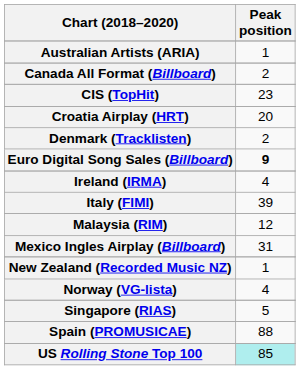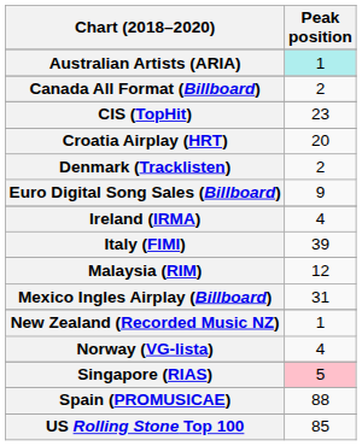 <table class="wikitable sortable plainrowheaders" style="text-align:center">
 <tr>
 <th scope="col">Chart (2018–2020)</th>
 <th scope="col">Peak<br> position</th>
 </tr>
 <tr>
 </tr>
 <tr>
 <th scope="row">Australian Artists (ARIA)</th>
-<td>1</td>
+<td style="background: paleturquoise;">1</td>
 </tr>
 <tr>
 </tr>
 <tr>
 </tr>
 <tr>
 </tr>
 <tr>
 </tr>
 <tr>
 <th scope="row">Canada All Format  (<em><a href='#'>Billboard</a></em>)</th>
 <td>2</td>
 </tr>
 <tr>
 </tr>
 <tr>
 </tr>
 <tr>
 <th scope="row">CIS (<a href='#'>TopHit</a>)</th>
 <td>23</td>
 </tr>
 <tr>
 </tr>
 <tr>
 </tr>
 <tr>
 <th scope="row">Croatia Airplay (<a href='#'>HRT</a>)</th>
 <td>20</td>
 </tr>
 <tr>
 <th scope="row">Denmark (<a href='#'>Tracklisten</a>)</th>
 <td>2</td>
 </tr>
 <tr>
 <th scope="row">Euro Digital Song Sales  (<em><a href='#'>Billboard</a></em>)</th>
-<td><strong>9</strong></td>
+<td>9</td>
 </tr>
 <tr>
 </tr>
 <tr>
 </tr>
 <tr>
 </tr>
 <tr>
 </tr>
 <tr>
 </tr>
 <tr>
 <th scope="row">Ireland (<a href='#'>IRMA</a>)</th>
 <td>4</td>
 </tr>
 <tr>
 <th scope="row">Italy (<a href='#'>FIMI</a>)</th>
 <td>39</td>
 </tr>
 <tr>
 </tr>
 <tr>
 <th scope="row">Malaysia (<a href='#'>RIM</a>)</th>
 <td>12</td>
 </tr>
 <tr>
 <th scope="row">Mexico Ingles Airplay  (<em><a href='#'>Billboard</a></em>)</th>
 <td>31</td>
 </tr>
 <tr>
 </tr>
 <tr>
 </tr>
 <tr>
 <th scope="row">New Zealand (<a href='#'>Recorded Music NZ</a>)</th>
 <td>1</td>
 </tr>
 <tr>
 <th scope="row">Norway (<a href='#'>VG-lista</a>)</th>
 <td>4</td>
 </tr>
 <tr>
 </tr>
 <tr>
 </tr>
 <tr>
 </tr>
 <tr>
 <th scope="row">Singapore (<a href='#'>RIAS</a>)</th>
-<td>5</td>
+<td style="background: pink;">5</td>
 </tr>
 <tr>
 </tr>
 <tr>
 </tr>
 <tr>
 <th scope="row">Spain (<a href='#'>PROMUSICAE</a>)</th>
 <td>88</td>
 </tr>
 <tr>
 </tr>
 <tr>
 </tr>
 <tr>
 </tr>
 <tr>
 </tr>
 <tr>
 </tr>
 <tr>
 </tr>
 <tr>
 </tr>
 <tr>
 </tr>
 <tr>
 </tr>
 <tr>
 <th scope="row">US <a href='#'><em>Rolling Stone</em> Top 100</a></th>
-<td style="background: paleturquoise;">85</td>
+<td>85</td>
 </tr>
 </table>
